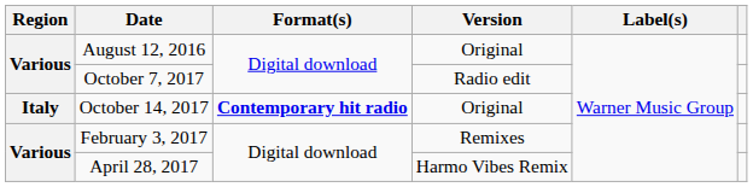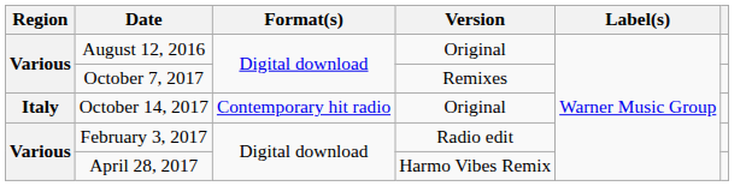 <table class="wikitable plainrowheaders" style="text-align:center;">
 <tr>
 <th scope="col">Region</th>
 <th scope="col">Date</th>
 <th scope="col">Format(s)</th>
 <th scope="col">Version</th>
 <th scope="col">Label(s)</th>
 <th scope="col"></th>
 </tr>
 <tr>
 <th scope="row" rowspan="2">Various</th>
 <td>August 12, 2016</td>
 <td rowspan="2"><a href='#'>Digital download</a></td>
 <td>Original</td>
 <td rowspan="5"><a href='#'>Warner Music Group</a></td>
 <td></td>
 </tr>
 <tr>
 <td>October 7, 2017</td>
-<td>Radio edit</td>
+<td>Remixes</td>
 <td></td>
 </tr>
 <tr>
 <th scope="row">Italy</th>
 <td>October 14, 2017</td>
-<td><strong><a href='#'>Contemporary hit radio</a></strong></td>
+<td><a href='#'>Contemporary hit radio</a></td>
 <td>Original</td>
 <td></td>
 </tr>
 <tr>
 <th scope="row" rowspan="2">Various</th>
 <td>February 3, 2017</td>
 <td rowspan="2">Digital download</td>
-<td>Remixes</td>
+<td>Radio edit</td>
 <td></td>
 </tr>
 <tr>
 <td>April 28, 2017</td>
 <td>Harmo Vibes Remix</td>
 <td></td>
 </tr>
 </table>
